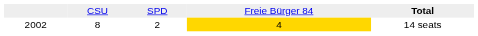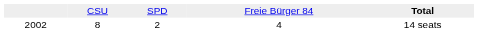 <table border="0" cellpadding="2" cellspacing="0" width="60%">
 <tr bgcolor="#eeeeee" align="center">
 <td></td>
 <td><a href='#'>CSU</a></td>
 <td><a href='#'>SPD</a></td>
 <td><a href='#'>Freie Bürger 84</a></td>
 <td><strong>Total</strong></td>
 </tr>
 <tr align="center">
 <td>2002</td>
 <td>8</td>
 <td>2</td>
-<td style="background: gold;">4</td>
+<td>4</td>
 <td>14 seats</td>
 </tr>
 </table>
